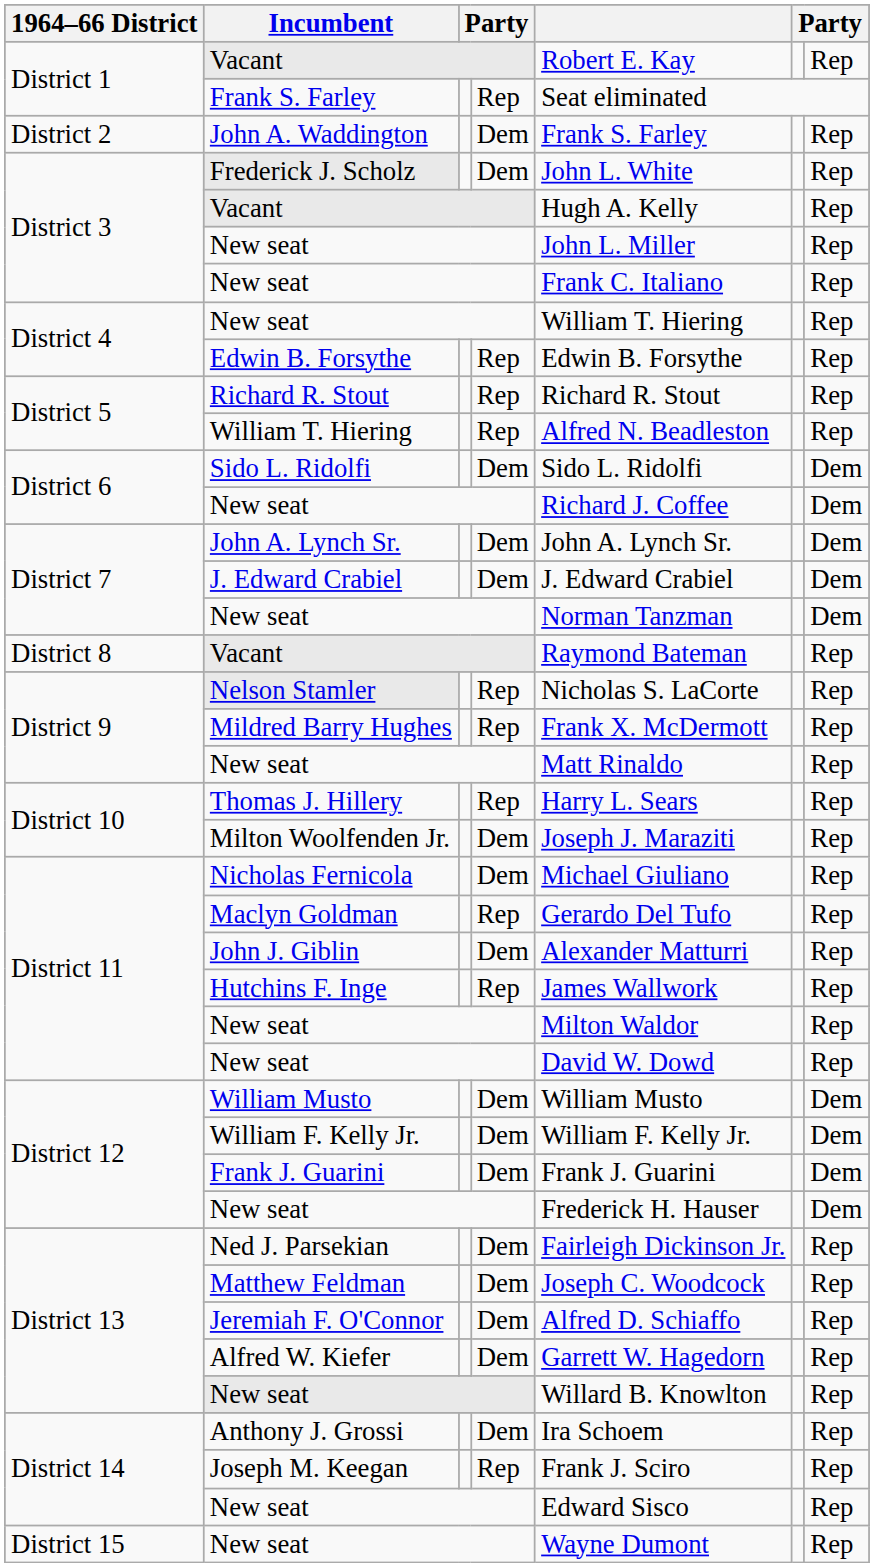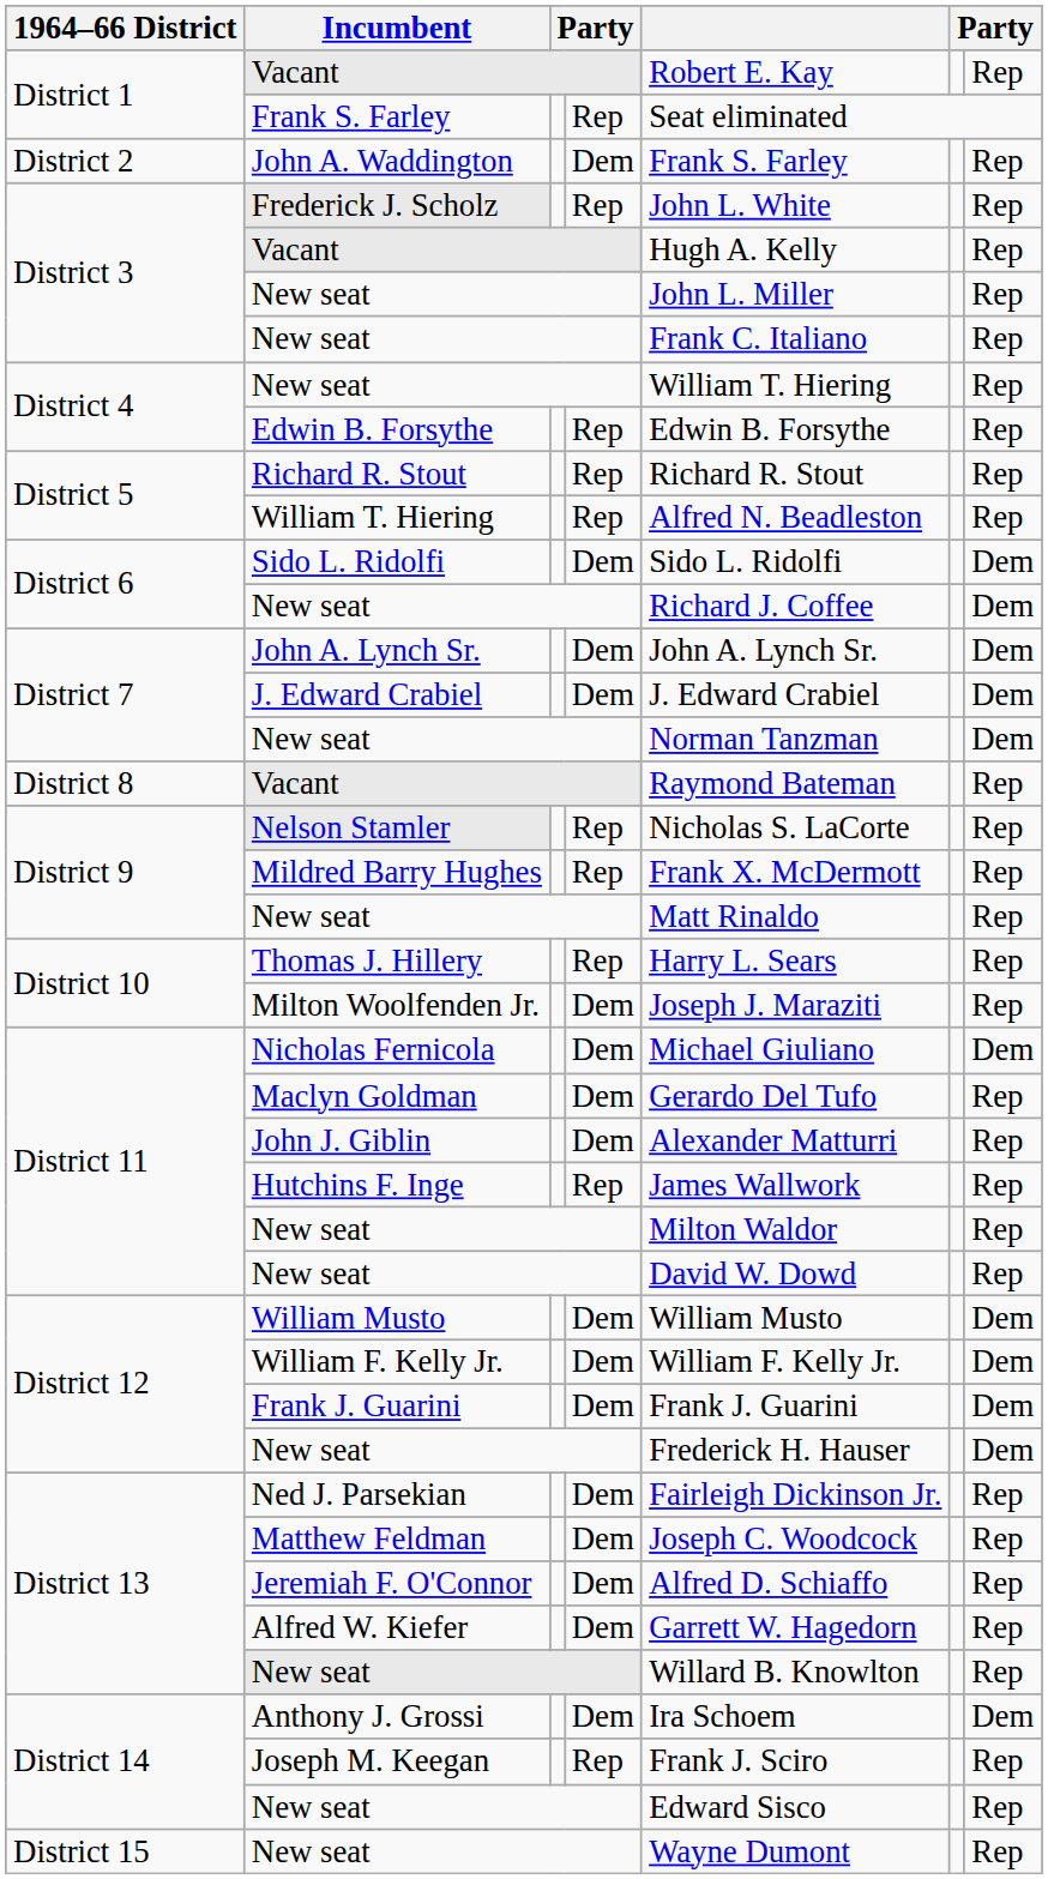 <table class="sortable wikitable" style="font-size:95%;line-height:14px;">
 <tr>
 <th>1964–66 District</th>
 <th class="unsortable"><a href='#'>Incumbent</a></th>
 <th colspan="2">Party</th>
 <th></th>
 <th colspan="2">Party</th>
 </tr>
 <tr>
 <td rowspan="2">District 1</td>
 <td colspan="3" style="background:#E9E9E9;">Vacant</td>
 <td><a href='#'>Robert E. Kay</a></td>
 <td style="background:"></td>
 <td>Rep</td>
 </tr>
 <tr>
 <td><a href='#'>Frank S. Farley</a></td>
 <td style="background:"></td>
 <td>Rep</td>
 <td colspan="3">Seat eliminated</td>
 </tr>
 <tr>
 <td>District 2</td>
 <td><a href='#'>John A. Waddington</a></td>
 <td style="background:"></td>
 <td>Dem</td>
 <td><a href='#'>Frank S. Farley</a></td>
 <td style="background:"></td>
 <td>Rep</td>
 </tr>
 <tr>
 <td rowspan="4">District 3</td>
 <td style="background:#E9E9E9;">Frederick J. Scholz</td>
 <td style="background:"></td>
-<td>Dem</td>
+<td>Rep</td>
 <td><a href='#'>John L. White</a></td>
 <td style="background:"></td>
 <td>Rep</td>
 </tr>
 <tr>
 <td colspan="3" style="background:#E9E9E9;">Vacant</td>
 <td>Hugh A. Kelly</td>
 <td style="background:"></td>
 <td>Rep</td>
 </tr>
 <tr>
 <td colspan="3">New seat</td>
 <td><a href='#'>John L. Miller</a></td>
 <td style="background:"></td>
 <td>Rep</td>
 </tr>
 <tr>
 <td colspan="3">New seat</td>
 <td><a href='#'>Frank C. Italiano</a></td>
 <td style="background:"></td>
 <td>Rep</td>
 </tr>
 <tr>
 <td rowspan="2">District 4</td>
 <td colspan="3">New seat</td>
 <td>William T. Hiering</td>
 <td style="background:"></td>
 <td>Rep</td>
 </tr>
 <tr>
 <td><a href='#'>Edwin B. Forsythe</a></td>
 <td style="background:"></td>
 <td>Rep</td>
 <td>Edwin B. Forsythe</td>
 <td style="background:"></td>
 <td>Rep</td>
 </tr>
 <tr>
 <td rowspan="2">District 5</td>
 <td><a href='#'>Richard R. Stout</a></td>
 <td style="background:"></td>
 <td>Rep</td>
 <td>Richard R. Stout</td>
 <td style="background:"></td>
 <td>Rep</td>
 </tr>
 <tr>
 <td>William T. Hiering</td>
 <td style="background:"></td>
 <td>Rep</td>
 <td><a href='#'>Alfred N. Beadleston</a></td>
 <td style="background:"></td>
 <td>Rep</td>
 </tr>
 <tr>
 <td rowspan="2">District 6</td>
 <td><a href='#'>Sido L. Ridolfi</a></td>
 <td style="background:"></td>
 <td>Dem</td>
 <td>Sido L. Ridolfi</td>
 <td style="background:"></td>
 <td>Dem</td>
 </tr>
 <tr>
 <td colspan="3">New seat</td>
 <td><a href='#'>Richard J. Coffee</a></td>
 <td style="background:"></td>
 <td>Dem</td>
 </tr>
 <tr>
 <td rowspan="3">District 7</td>
 <td><a href='#'>John A. Lynch Sr.</a></td>
 <td style="background:"></td>
 <td>Dem</td>
 <td>John A. Lynch Sr.</td>
 <td style="background:"></td>
 <td>Dem</td>
 </tr>
 <tr>
 <td><a href='#'>J. Edward Crabiel</a></td>
 <td style="background:"></td>
 <td>Dem</td>
 <td>J. Edward Crabiel</td>
 <td style="background:"></td>
 <td>Dem</td>
 </tr>
 <tr>
 <td colspan="3">New seat</td>
 <td><a href='#'>Norman Tanzman</a></td>
 <td style="background:"></td>
 <td>Dem</td>
 </tr>
 <tr>
 <td>District 8</td>
 <td colspan="3" style="background:#E9E9E9;">Vacant</td>
 <td><a href='#'>Raymond Bateman</a></td>
 <td style="background:"></td>
 <td>Rep</td>
 </tr>
 <tr>
 <td rowspan="3">District 9</td>
 <td style="background:#E9E9E9;"><a href='#'>Nelson Stamler</a></td>
 <td style="background:"></td>
 <td>Rep</td>
 <td>Nicholas S. LaCorte</td>
 <td style="background:"></td>
 <td>Rep</td>
 </tr>
 <tr>
 <td><a href='#'>Mildred Barry Hughes</a></td>
 <td style="background:"></td>
 <td>Rep</td>
 <td><a href='#'>Frank X. McDermott</a></td>
 <td style="background:"></td>
 <td>Rep</td>
 </tr>
 <tr>
 <td colspan="3">New seat</td>
 <td><a href='#'>Matt Rinaldo</a></td>
 <td style="background:"></td>
 <td>Rep</td>
 </tr>
 <tr>
 <td rowspan="2">District 10</td>
 <td><a href='#'>Thomas J. Hillery</a></td>
 <td style="background:"></td>
 <td>Rep</td>
 <td><a href='#'>Harry L. Sears</a></td>
 <td style="background:"></td>
 <td>Rep</td>
 </tr>
 <tr>
 <td>Milton Woolfenden Jr.</td>
 <td style="background:"></td>
 <td>Dem</td>
 <td><a href='#'>Joseph J. Maraziti</a></td>
 <td style="background:"></td>
 <td>Rep</td>
 </tr>
 <tr>
 <td rowspan="6">District 11</td>
 <td><a href='#'>Nicholas Fernicola</a></td>
 <td style="background:"></td>
 <td>Dem</td>
 <td><a href='#'>Michael Giuliano</a></td>
 <td style="background:"></td>
-<td>Rep</td>
+<td>Dem</td>
 </tr>
 <tr>
 <td><a href='#'>Maclyn Goldman</a></td>
 <td style="background:"></td>
-<td>Rep</td>
+<td>Dem</td>
 <td><a href='#'>Gerardo Del Tufo</a></td>
 <td style="background:"></td>
 <td>Rep</td>
 </tr>
 <tr>
 <td><a href='#'>John J. Giblin</a></td>
 <td style="background:"></td>
 <td>Dem</td>
 <td><a href='#'>Alexander Matturri</a></td>
 <td style="background:"></td>
 <td>Rep</td>
 </tr>
 <tr>
 <td><a href='#'>Hutchins F. Inge</a></td>
 <td style="background:"></td>
 <td>Rep</td>
 <td><a href='#'>James Wallwork</a></td>
 <td style="background:"></td>
 <td>Rep</td>
 </tr>
 <tr>
 <td colspan="3">New seat</td>
 <td><a href='#'>Milton Waldor</a></td>
 <td style="background:"></td>
 <td>Rep</td>
 </tr>
 <tr>
 <td colspan="3">New seat</td>
 <td><a href='#'>David W. Dowd</a></td>
 <td style="background:"></td>
 <td>Rep</td>
 </tr>
 <tr>
 <td rowspan="4">District 12</td>
 <td><a href='#'>William Musto</a></td>
 <td style="background:"></td>
 <td>Dem</td>
 <td>William Musto</td>
 <td style="background:"></td>
 <td>Dem</td>
 </tr>
 <tr>
 <td>William F. Kelly Jr.</td>
 <td style="background:"></td>
 <td>Dem</td>
 <td>William F. Kelly Jr.</td>
 <td style="background:"></td>
 <td>Dem</td>
 </tr>
 <tr>
 <td><a href='#'>Frank J. Guarini</a></td>
 <td style="background:"></td>
 <td>Dem</td>
 <td>Frank J. Guarini</td>
 <td style="background:"></td>
 <td>Dem</td>
 </tr>
 <tr>
 <td colspan="3">New seat</td>
 <td>Frederick H. Hauser</td>
 <td style="background:"></td>
 <td>Dem</td>
 </tr>
 <tr>
 <td rowspan="5">District 13</td>
 <td>Ned J. Parsekian</td>
 <td style="background:"></td>
 <td>Dem</td>
 <td><a href='#'>Fairleigh Dickinson Jr.</a></td>
 <td style="background:"></td>
 <td>Rep</td>
 </tr>
 <tr>
 <td><a href='#'>Matthew Feldman</a></td>
 <td style="background:"></td>
 <td>Dem</td>
 <td><a href='#'>Joseph C. Woodcock</a></td>
 <td style="background:"></td>
 <td>Rep</td>
 </tr>
 <tr>
 <td><a href='#'>Jeremiah F. O'Connor</a></td>
 <td style="background:"></td>
 <td>Dem</td>
 <td><a href='#'>Alfred D. Schiaffo</a></td>
 <td style="background:"></td>
 <td>Rep</td>
 </tr>
 <tr>
 <td>Alfred W. Kiefer</td>
 <td style="background:"></td>
 <td>Dem</td>
 <td><a href='#'>Garrett W. Hagedorn</a></td>
 <td style="background:"></td>
 <td>Rep</td>
 </tr>
 <tr>
 <td colspan="3" style="background:#E9E9E9;">New seat</td>
 <td>Willard B. Knowlton</td>
 <td style="background:"></td>
 <td>Rep</td>
 </tr>
 <tr>
 <td rowspan="3">District 14</td>
 <td>Anthony J. Grossi</td>
 <td style="background:"></td>
 <td>Dem</td>
 <td>Ira Schoem</td>
 <td style="background:"></td>
-<td>Rep</td>
+<td>Dem</td>
 </tr>
 <tr>
 <td>Joseph M. Keegan</td>
 <td style="background:"></td>
 <td>Rep</td>
 <td>Frank J. Sciro</td>
 <td style="background:"></td>
 <td>Rep</td>
 </tr>
 <tr>
 <td colspan="3">New seat</td>
 <td>Edward Sisco</td>
 <td style="background:"></td>
 <td>Rep</td>
 </tr>
 <tr>
 <td>District 15</td>
 <td colspan="3">New seat</td>
 <td><a href='#'>Wayne Dumont</a></td>
 <td style="background:"></td>
 <td>Rep</td>
 </tr>
 </table>
